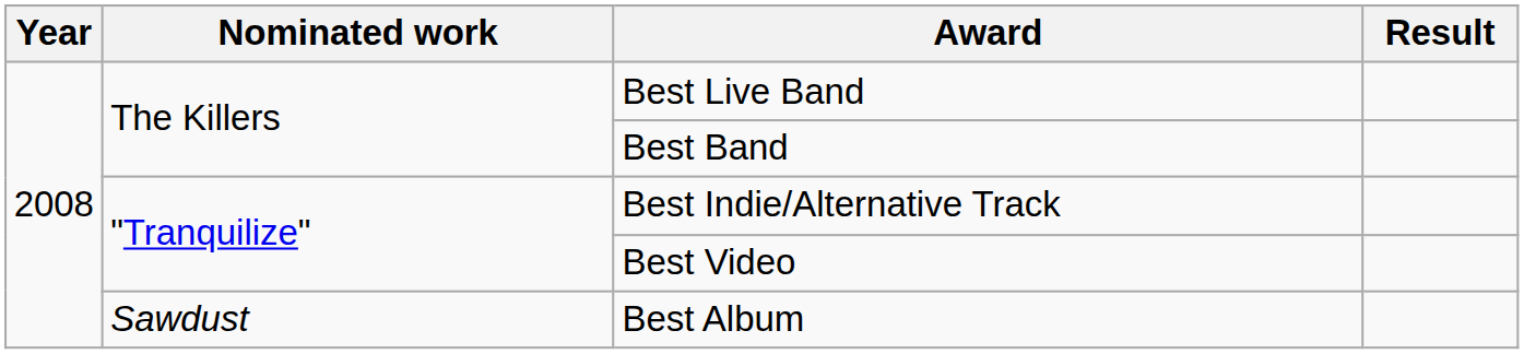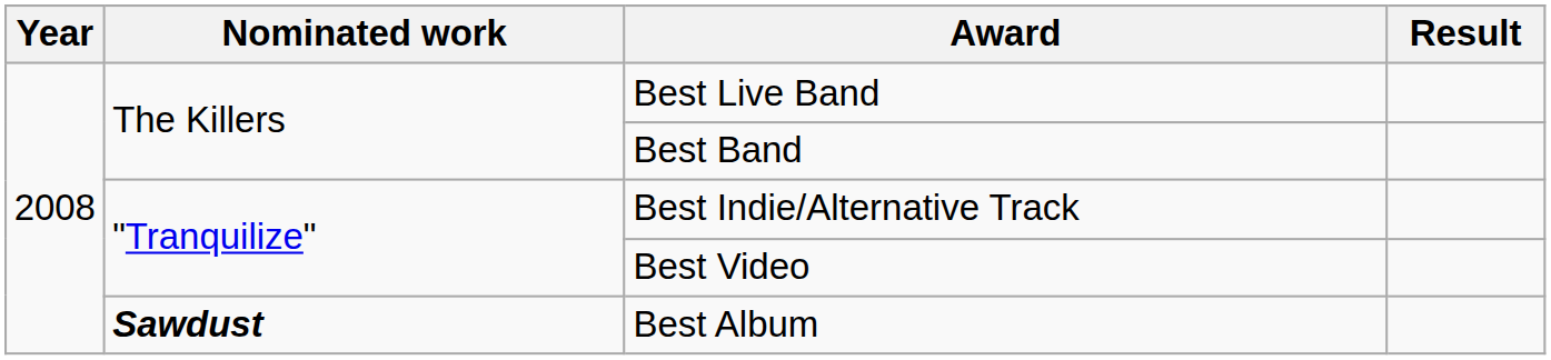 <table class="wikitable">
 <tr>
 <th>Year</th>
 <th width="220">Nominated work</th>
 <th width="325">Award</th>
 <th width="62">Result</th>
 </tr>
 <tr>
 <td rowspan="5">2008</td>
 <td rowspan="2">The Killers</td>
 <td>Best Live Band</td>
 <td></td>
 </tr>
 <tr>
 <td>Best Band</td>
 <td></td>
 </tr>
 <tr>
 <td rowspan="2">"<a href='#'>Tranquilize</a>"</td>
 <td>Best Indie/Alternative Track</td>
 <td></td>
 </tr>
 <tr>
 <td>Best Video</td>
 <td></td>
 </tr>
 <tr>
-<td><em>Sawdust</em></td>
+<td><strong><em>Sawdust</em></strong></td>
 <td>Best Album</td>
 <td></td>
 </tr>
 </table>
